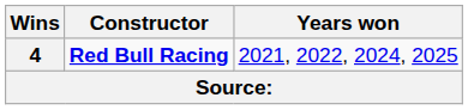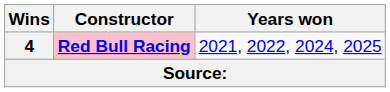 <table class="wikitable" style="font-size: 95%;">
 <tr>
 <th>Wins</th>
 <th>Constructor</th>
 <th>Years won</th>
 </tr>
 <tr>
 <th>4</th>
-<td> <strong><a href='#'>Red Bull Racing</a></strong></td>
+<td style="background: pink;"> <strong><a href='#'>Red Bull Racing</a></strong></td>
 <td><a href='#'>2021</a>, <a href='#'>2022</a>, <a href='#'>2024</a>, <a href='#'>2025</a></td>
 </tr>
 <tr>
 <th colspan=4>Source:</th>
 </tr>
 </table>
